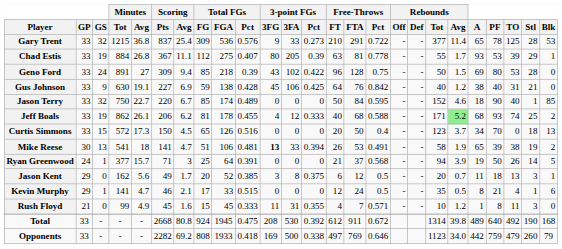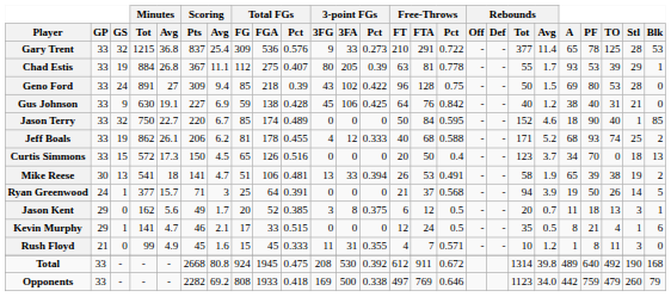 <table class="wikitable sortable" border="1" style="font-size:90%;">
 <tr>
 <th colspan="3" style="border-top-style:hidden; border-left-style:hidden; background: white;"></th>
 <th colspan="2" style=>Minutes</th>
 <th colspan="2" style=>Scoring</th>
 <th colspan="3" style=>Total FGs</th>
 <th colspan="3" style=>3-point FGs</th>
 <th colspan="3" style=>Free-Throws</th>
 <th colspan="4" style=>Rebounds</th>
 <th colspan="5" style="border-top-style:hidden; border-right-style:hidden; background: white;"></th>
 </tr>
 <tr>
 <th scope="col" style=>Player</th>
 <th scope="col" style=>GP</th>
 <th scope="col" style=>GS</th>
 <th scope="col" style=>Tot</th>
 <th scope="col" style=>Avg</th>
 <th scope="col" style=>Pts</th>
 <th scope="col" style=>Avg</th>
 <th scope="col" style=>FG</th>
 <th scope="col" style=>FGA</th>
 <th scope="col" style=>Pct</th>
 <th scope="col" style=>3FG</th>
 <th scope="col" style=>3FA</th>
 <th scope="col" style=>Pct</th>
 <th scope="col" style=>FT</th>
 <th scope="col" style=>FTA</th>
 <th scope="col" style=>Pct</th>
 <th scope="col" style=>Off</th>
 <th scope="col" style=>Def</th>
 <th scope="col" style=>Tot</th>
 <th scope="col" style=>Avg</th>
 <th scope="col" style=>A</th>
 <th scope="col" style=>PF</th>
 <th scope="col" style=>TO</th>
 <th scope="col" style=>Stl</th>
 <th scope="col" style=>Blk</th>
 </tr>
 <tr>
 <th>Gary Trent</th>
 <td align="right">33</td>
 <td align="right">32</td>
 <td align="right">1215</td>
 <td align="right">36.8</td>
 <td align="right">837</td>
 <td align="right">25.4</td>
 <td align="right">309</td>
 <td align="right">536</td>
 <td align="right">0.576</td>
 <td align="right">9</td>
 <td align="right">33</td>
 <td align="right">0.273</td>
 <td align="right">210</td>
 <td align="right">291</td>
 <td align="right">0.722</td>
 <td align="right">-</td>
 <td align="right">-</td>
 <td align="right">377</td>
 <td align="right">11.4</td>
 <td align="right">65</td>
 <td align="right">78</td>
 <td align="right">125</td>
 <td align="right">28</td>
 <td align="right">53</td>
 </tr>
 <tr>
 <th>Chad Estis</th>
 <td align="right">33</td>
 <td align="right">19</td>
 <td align="right">884</td>
 <td align="right">26.8</td>
 <td align="right">367</td>
 <td align="right">11.1</td>
 <td align="right">112</td>
 <td align="right">275</td>
 <td align="right">0.407</td>
 <td align="right">80</td>
 <td align="right">205</td>
 <td align="right">0.39</td>
 <td align="right">63</td>
 <td align="right">81</td>
 <td align="right">0.778</td>
 <td align="right">-</td>
 <td align="right">-</td>
 <td align="right">55</td>
 <td align="right">1.7</td>
 <td align="right">93</td>
 <td align="right">53</td>
 <td align="right">39</td>
 <td align="right">29</td>
 <td align="right">1</td>
 </tr>
 <tr>
 <th>Geno Ford</th>
 <td align="right">33</td>
 <td align="right">24</td>
 <td align="right">891</td>
 <td align="right">27</td>
 <td align="right">309</td>
 <td align="right">9.4</td>
 <td align="right">85</td>
 <td align="right">218</td>
 <td align="right">0.39</td>
 <td align="right">43</td>
 <td align="right">102</td>
 <td align="right">0.422</td>
 <td align="right">96</td>
 <td align="right">128</td>
 <td align="right">0.75</td>
 <td align="right">-</td>
 <td align="right">-</td>
 <td align="right">50</td>
 <td align="right">1.5</td>
 <td align="right">69</td>
 <td align="right">80</td>
 <td align="right">53</td>
 <td align="right">28</td>
 <td align="right">0</td>
 </tr>
 <tr>
 <th>Gus Johnson</th>
 <td align="right">33</td>
 <td align="right">9</td>
 <td align="right">630</td>
 <td align="right">19.1</td>
 <td align="right">227</td>
 <td align="right">6.9</td>
 <td align="right">59</td>
 <td align="right">138</td>
 <td align="right">0.428</td>
 <td align="right">45</td>
 <td align="right">106</td>
 <td align="right">0.425</td>
 <td align="right">64</td>
 <td align="right">76</td>
 <td align="right">0.842</td>
 <td align="right">-</td>
 <td align="right">-</td>
 <td align="right">40</td>
 <td align="right">1.2</td>
 <td align="right">38</td>
 <td align="right">40</td>
 <td align="right">31</td>
 <td align="right">21</td>
 <td align="right">0</td>
 </tr>
 <tr>
 <th>Jason Terry</th>
 <td align="right">33</td>
 <td align="right">32</td>
 <td align="right">750</td>
 <td align="right">22.7</td>
 <td align="right">220</td>
 <td align="right">6.7</td>
 <td align="right">85</td>
 <td align="right">174</td>
 <td align="right">0.489</td>
 <td align="right">0</td>
 <td align="right">0</td>
 <td align="right">0</td>
 <td align="right">50</td>
 <td align="right">84</td>
 <td align="right">0.595</td>
 <td align="right">-</td>
 <td align="right">-</td>
 <td align="right">152</td>
 <td align="right">4.6</td>
 <td align="right">18</td>
 <td align="right">90</td>
 <td align="right">40</td>
 <td align="right">1</td>
 <td align="right">85</td>
 </tr>
 <tr>
 <th>Jeff Boals</th>
 <td align="right">33</td>
 <td align="right">19</td>
 <td align="right">862</td>
 <td align="right">26.1</td>
 <td align="right">206</td>
 <td align="right">6.2</td>
 <td align="right">81</td>
 <td align="right">178</td>
 <td align="right">0.455</td>
 <td align="right">4</td>
 <td align="right">12</td>
 <td align="right">0.333</td>
 <td align="right">40</td>
 <td align="right">68</td>
 <td align="right">0.588</td>
 <td align="right">-</td>
 <td align="right">-</td>
 <td align="right">171</td>
-<td align="right" style="background: lightgreen;">5.2</td>
+<td align="right">5.2</td>
 <td align="right">68</td>
 <td align="right">93</td>
 <td align="right">74</td>
 <td align="right">25</td>
 <td align="right">2</td>
 </tr>
 <tr>
 <th>Curtis Simmons</th>
 <td align="right">33</td>
 <td align="right">15</td>
 <td align="right">572</td>
 <td align="right">17.3</td>
 <td align="right">150</td>
 <td align="right">4.5</td>
 <td align="right">65</td>
 <td align="right">126</td>
 <td align="right">0.516</td>
 <td align="right">0</td>
 <td align="right">0</td>
 <td align="right">0</td>
 <td align="right">20</td>
 <td align="right">50</td>
 <td align="right">0.4</td>
 <td align="right">-</td>
 <td align="right">-</td>
 <td align="right">123</td>
 <td align="right">3.7</td>
 <td align="right">34</td>
 <td align="right">70</td>
 <td align="right">0</td>
 <td align="right">18</td>
 <td align="right">13</td>
 </tr>
 <tr>
 <th>Mike Reese</th>
 <td align="right">30</td>
 <td align="right">13</td>
 <td align="right">541</td>
 <td align="right">18</td>
 <td align="right">141</td>
 <td align="right">4.7</td>
 <td align="right">51</td>
 <td align="right">106</td>
 <td align="right">0.481</td>
-<td align="right"><strong>13</strong></td>
+<td align="right">13</td>
 <td align="right">33</td>
 <td align="right">0.394</td>
 <td align="right">26</td>
 <td align="right">53</td>
 <td align="right">0.491</td>
 <td align="right">-</td>
 <td align="right">-</td>
 <td align="right">58</td>
 <td align="right">1.9</td>
 <td align="right">65</td>
 <td align="right">39</td>
 <td align="right">38</td>
 <td align="right">19</td>
 <td align="right">2</td>
 </tr>
 <tr>
 <th>Ryan Greenwood</th>
 <td align="right">24</td>
 <td align="right">1</td>
 <td align="right">377</td>
 <td align="right">15.7</td>
 <td align="right">71</td>
 <td align="right">3</td>
 <td align="right">25</td>
 <td align="right">64</td>
 <td align="right">0.391</td>
 <td align="right">0</td>
 <td align="right">0</td>
 <td align="right">0</td>
 <td align="right">21</td>
 <td align="right">37</td>
 <td align="right">0.568</td>
 <td align="right">-</td>
 <td align="right">-</td>
 <td align="right">94</td>
 <td align="right">3.9</td>
 <td align="right">19</td>
 <td align="right">50</td>
 <td align="right">26</td>
 <td align="right">14</td>
 <td align="right">5</td>
 </tr>
 <tr>
 <th>Jason Kent</th>
 <td align="right">29</td>
 <td align="right">0</td>
 <td align="right">162</td>
 <td align="right">5.6</td>
 <td align="right">49</td>
 <td align="right">1.7</td>
 <td align="right">20</td>
 <td align="right">52</td>
 <td align="right">0.385</td>
 <td align="right">3</td>
 <td align="right">8</td>
 <td align="right">0.375</td>
 <td align="right">6</td>
 <td align="right">12</td>
 <td align="right">0.5</td>
 <td align="right">-</td>
 <td align="right">-</td>
 <td align="right">20</td>
 <td align="right">0.7</td>
 <td align="right">11</td>
 <td align="right">18</td>
 <td align="right">13</td>
 <td align="right">3</td>
 <td align="right">1</td>
 </tr>
 <tr>
 <th>Kevin Murphy</th>
 <td align="right">29</td>
 <td align="right">1</td>
 <td align="right">141</td>
 <td align="right">4.7</td>
 <td align="right">46</td>
 <td align="right">2.1</td>
 <td align="right">17</td>
 <td align="right">33</td>
 <td align="right">0.515</td>
 <td align="right">0</td>
 <td align="right">0</td>
 <td align="right">0</td>
 <td align="right">12</td>
 <td align="right">24</td>
 <td align="right">0.5</td>
 <td align="right">-</td>
 <td align="right">-</td>
 <td align="right">35</td>
 <td align="right">0.5</td>
 <td align="right">8</td>
 <td align="right">21</td>
 <td align="right">4</td>
 <td align="right">1</td>
 <td align="right">6</td>
 </tr>
 <tr>
 <th>Rush Floyd</th>
 <td align="right">21</td>
 <td align="right">0</td>
 <td align="right">99</td>
 <td align="right">4.9</td>
 <td align="right">45</td>
 <td align="right">1.6</td>
 <td align="right">15</td>
 <td align="right">45</td>
 <td align="right">0.333</td>
 <td align="right">11</td>
 <td align="right">31</td>
 <td align="right">0.355</td>
 <td align="right">4</td>
 <td align="right">7</td>
 <td align="right">0.571</td>
 <td align="right">-</td>
 <td align="right">-</td>
 <td align="right">10</td>
 <td align="right">1.2</td>
 <td align="right">1</td>
 <td align="right">8</td>
 <td align="right">11</td>
 <td align="right">3</td>
 <td align="right">0</td>
 </tr>
 <tr>
 </tr>
 <tr class="sortbottom">
 <td align="center" style=><strong>Total</strong></td>
 <td align="center" style=>33</td>
 <td align="center" style=>-</td>
 <td align="center" style=>-</td>
 <td align="center" style=>-</td>
 <td align="center" style=>2668</td>
 <td align="center" style=>80.8</td>
 <td align="center" style=>924</td>
 <td align="center" style=>1945</td>
 <td align="center" style=>0.475</td>
 <td align="center" style=>208</td>
 <td align="center" style=>530</td>
 <td align="center" style=>0.392</td>
 <td align="center" style=>612</td>
 <td align="center" style=>911</td>
 <td align="center" style=>0.672</td>
 <td align="center" style=></td>
 <td align="center" style=></td>
 <td align="center" style=>1314</td>
 <td align="center" style=>39.8</td>
 <td align="center" style=>489</td>
 <td align="center" style=>640</td>
 <td align="center" style=>492</td>
 <td align="center" style=>190</td>
 <td align="center" style=>168</td>
 </tr>
 <tr class="sortbottom">
 <td align="center"><strong>Opponents</strong></td>
 <td align="center">33</td>
 <td align="center">-</td>
 <td align="center">-</td>
 <td align="center">-</td>
 <td align="center">2282</td>
 <td align="center">69.2</td>
 <td align="center">808</td>
 <td align="center">1933</td>
 <td align="center">0.418</td>
 <td align="center">169</td>
 <td align="center">500</td>
 <td align="center">0.338</td>
 <td align="center">497</td>
 <td align="center">769</td>
 <td align="center">0.646</td>
 <td align="center"></td>
 <td align="center"></td>
 <td align="center">1123</td>
 <td align="center">34.0</td>
 <td align="center">442</td>
 <td align="center">759</td>
 <td align="center">479</td>
 <td align="center">260</td>
 <td align="center">79</td>
 </tr>
 </table>
